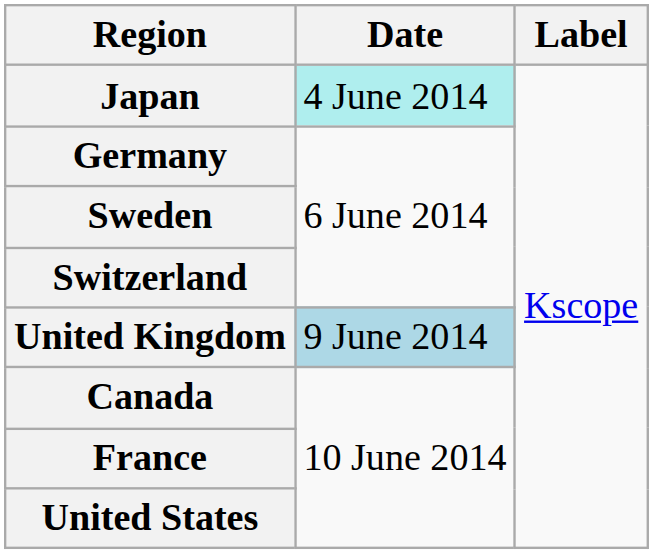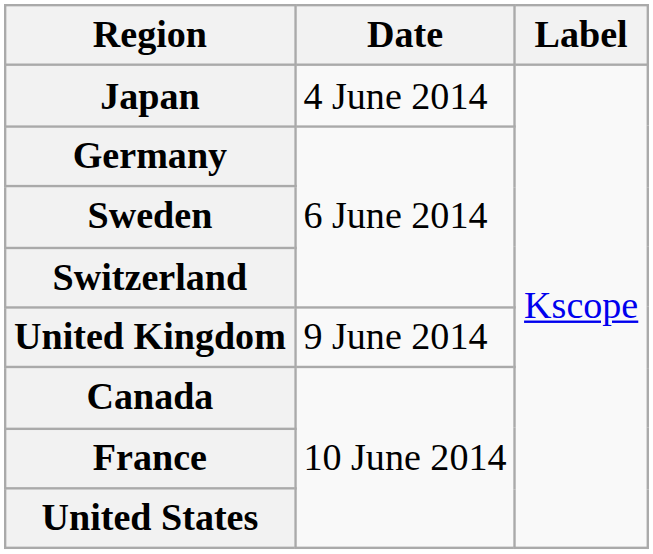 <table class="wikitable plainrowheaders">
 <tr>
 <th scope="col">Region</th>
 <th scope="col">Date</th>
 <th scope="col">Label</th>
 </tr>
 <tr>
 <th scope="row">Japan</th>
-<td style="background: paleturquoise;">4 June 2014</td>
+<td>4 June 2014</td>
 <td rowspan="8"><a href='#'>Kscope</a></td>
 </tr>
 <tr>
 <th scope="row">Germany</th>
 <td rowspan="3">6 June 2014</td>
 </tr>
 <tr>
 <th scope="row">Sweden</th>
 </tr>
 <tr>
 <th scope="row">Switzerland</th>
 </tr>
 <tr>
 <th scope="row">United Kingdom</th>
-<td style="background: lightblue;">9 June 2014</td>
+<td>9 June 2014</td>
 </tr>
 <tr>
 <th scope="row">Canada</th>
 <td rowspan="3">10 June 2014</td>
 </tr>
 <tr>
 <th scope="row">France</th>
 </tr>
 <tr>
 <th scope="row">United States</th>
 </tr>
 </table>
